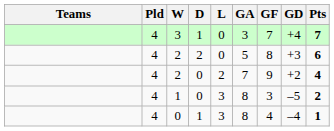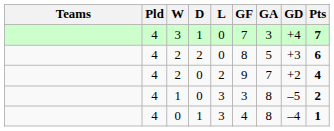 <table class="wikitable" style="text-align: center;">
 <tr>
 <th width=165>Teams</th>
 <th width=20>Pld</th>
 <th width=20>W</th>
 <th width=20>D</th>
 <th width=20>L</th>
+<th width=20>GF</th>
 <th width=20>GA</th>
-<th width=20>GF</th>
 <th width=20>GD</th>
 <th width=20>Pts</th>
 </tr>
 <tr align=center style="background:#ccffcc;">
 <td style="text-align:left;"></td>
 <td>4</td>
 <td>3</td>
 <td>1</td>
 <td>0</td>
+<td>7</td>
 <td>3</td>
-<td>7</td>
 <td>+4</td>
 <td><strong>7</strong></td>
 </tr>
 <tr>
 <td style="text-align:left;"></td>
 <td>4</td>
 <td>2</td>
 <td>2</td>
 <td>0</td>
+<td>8</td>
 <td>5</td>
-<td>8</td>
 <td>+3</td>
 <td><strong>6</strong></td>
 </tr>
 <tr align=center>
 <td style="text-align:left;"></td>
 <td>4</td>
 <td>2</td>
 <td>0</td>
 <td>2</td>
+<td>9</td>
 <td>7</td>
-<td>9</td>
 <td>+2</td>
 <td><strong>4</strong></td>
 </tr>
 <tr align=center>
 <td style="text-align:left;"></td>
 <td>4</td>
 <td>1</td>
 <td>0</td>
 <td>3</td>
+<td>3</td>
 <td>8</td>
-<td>3</td>
 <td>–5</td>
 <td><strong>2</strong></td>
 </tr>
 <tr align=center>
 <td style="text-align:left;"></td>
 <td>4</td>
 <td>0</td>
 <td>1</td>
 <td>3</td>
+<td>4</td>
 <td>8</td>
-<td>4</td>
 <td>–4</td>
 <td><strong>1</strong></td>
 </tr>
 </table>
